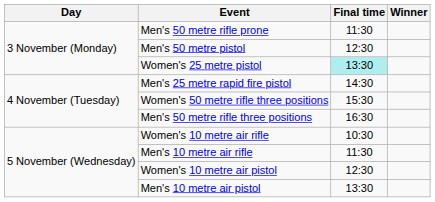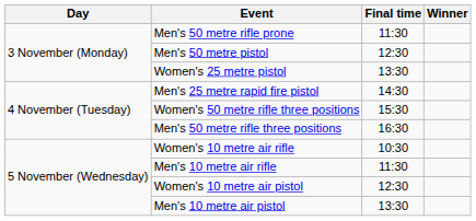 <table class="wikitable">
 <tr>
 <th>Day</th>
 <th>Event</th>
 <th>Final time</th>
 <th>Winner</th>
 </tr>
 <tr>
 <td rowspan=3>3 November (Monday)</td>
 <td>Men's <a href='#'>50 metre rifle prone</a></td>
 <td style="text-align: center">11:30</td>
 <td></td>
 </tr>
 <tr>
 <td>Men's <a href='#'>50 metre pistol</a></td>
 <td style="text-align: center">12:30</td>
 <td></td>
 </tr>
 <tr>
 <td>Women's <a href='#'>25 metre pistol</a></td>
-<td style="background: paleturquoise; text-align: center">13:30</td>
+<td style="text-align: center">13:30</td>
 <td></td>
 </tr>
 <tr>
 <td rowspan=3>4 November (Tuesday)</td>
 <td>Men's <a href='#'>25 metre rapid fire pistol</a></td>
 <td style="text-align: center">14:30</td>
 <td></td>
 </tr>
 <tr>
 <td>Women's <a href='#'>50 metre rifle three positions</a></td>
 <td style="text-align: center">15:30</td>
 <td></td>
 </tr>
 <tr>
 <td>Men's <a href='#'>50 metre rifle three positions</a></td>
 <td style="text-align: center">16:30</td>
 <td></td>
 </tr>
 <tr>
 <td rowspan=4>5 November (Wednesday)</td>
 <td>Women's <a href='#'>10 metre air rifle</a></td>
 <td style="text-align: center">10:30</td>
 <td></td>
 </tr>
 <tr>
 <td>Men's <a href='#'>10 metre air rifle</a></td>
 <td style="text-align: center">11:30</td>
 <td></td>
 </tr>
 <tr>
 <td>Women's <a href='#'>10 metre air pistol</a></td>
 <td style="text-align: center">12:30</td>
 <td></td>
 </tr>
 <tr>
 <td>Men's <a href='#'>10 metre air pistol</a></td>
 <td style="text-align: center">13:30</td>
 <td></td>
 </tr>
 </table>
